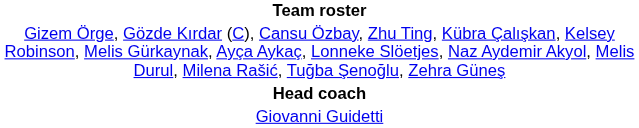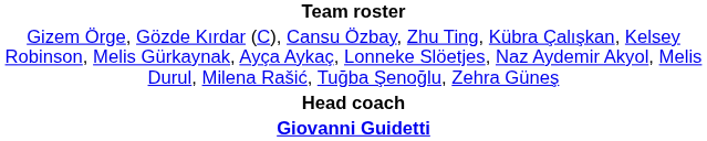 <table style="text-align: center; margin-top: 2em; margin-left: auto; margin-right: auto">
 <tr>
 <td><strong>Team roster</strong></td>
 </tr>
 <tr>
 <td><a href='#'>Gizem Örge</a>, <a href='#'>Gözde Kırdar</a> (<a href='#'>C</a>), <a href='#'>Cansu Özbay</a>, <a href='#'>Zhu Ting</a>, <a href='#'>Kübra Çalışkan</a>, <a href='#'>Kelsey Robinson</a>, <a href='#'>Melis Gürkaynak</a>, <a href='#'>Ayça Aykaç</a>, <a href='#'>Lonneke Slöetjes</a>, <a href='#'>Naz Aydemir Akyol</a>, <a href='#'>Melis Durul</a>, <a href='#'>Milena Rašić</a>, <a href='#'>Tuğba Şenoğlu</a>, <a href='#'>Zehra Güneş</a></td>
 </tr>
 <tr>
 <td><strong>Head coach</strong></td>
 </tr>
 <tr>
-<td><a href='#'>Giovanni Guidetti</a></td>
+<td><strong><a href='#'>Giovanni Guidetti</a></strong></td>
 </tr>
 </table>
